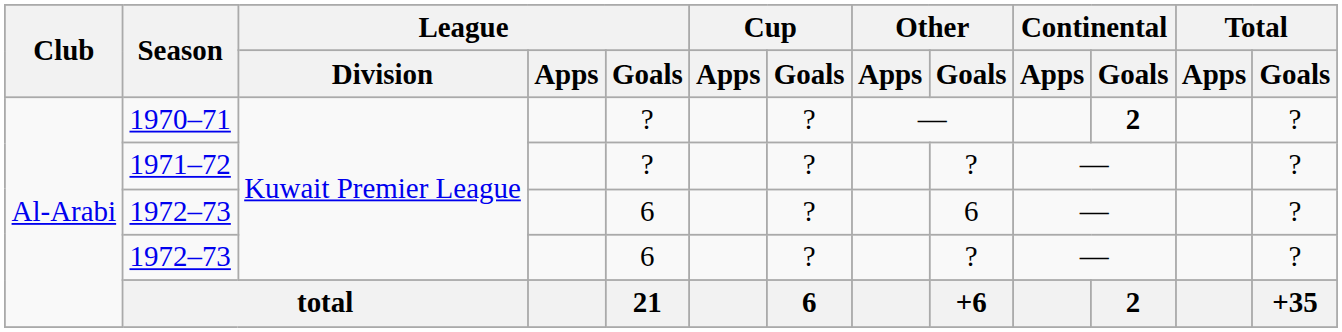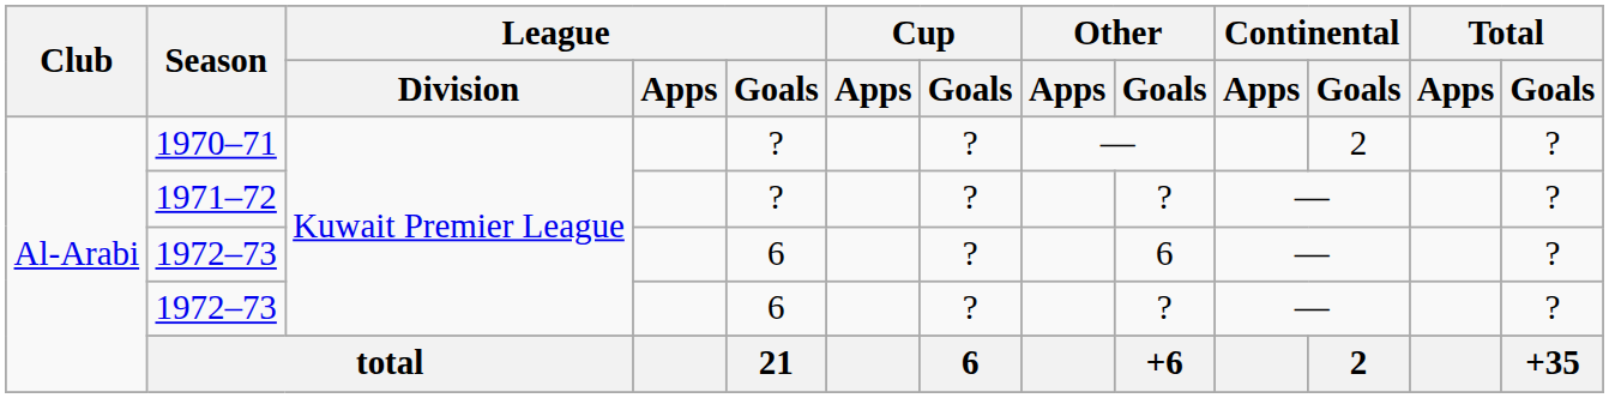 <table class="wikitable" style="text-align:center">
 <tr>
 <th rowspan="2">Club</th>
 <th rowspan="2">Season</th>
 <th colspan="3">League</th>
 <th colspan="2">Cup</th>
 <th colspan="2">Other</th>
 <th colspan="2">Continental</th>
 <th colspan="2">Total</th>
 </tr>
 <tr>
 <th>Division</th>
 <th>Apps</th>
 <th>Goals</th>
 <th>Apps</th>
 <th>Goals</th>
 <th>Apps</th>
 <th>Goals</th>
 <th>Apps</th>
 <th>Goals</th>
 <th>Apps</th>
 <th>Goals</th>
 </tr>
 <tr align=center>
 <td rowspan="5" align=center valign=center><a href='#'>Al-Arabi</a></td>
 <td><a href='#'>1970–71</a></td>
 <td rowspan="4"><a href='#'>Kuwait Premier League</a></td>
 <td></td>
 <td>?</td>
 <td></td>
 <td>?</td>
 <td colspan="2">—</td>
 <td></td>
-<td><strong>2</strong></td>
+<td>2</td>
 <td></td>
 <td>?</td>
 </tr>
 <tr>
 <td><a href='#'>1971–72</a></td>
 <td></td>
 <td>?</td>
 <td></td>
 <td>?</td>
 <td></td>
 <td>?</td>
 <td colspan="2">—</td>
 <td></td>
 <td>?</td>
 </tr>
 <tr>
 <td><a href='#'>1972–73</a></td>
 <td></td>
 <td>6</td>
 <td></td>
 <td>?</td>
 <td></td>
 <td>6</td>
 <td colspan="2">—</td>
 <td></td>
 <td>?</td>
 </tr>
 <tr>
 <td><a href='#'>1972–73</a></td>
 <td></td>
 <td>6</td>
 <td></td>
 <td>?</td>
 <td></td>
 <td>?</td>
 <td colspan="2">—</td>
 <td></td>
 <td>?</td>
 </tr>
 <tr align=center>
 <th colspan="2">total</th>
 <th></th>
 <th>21</th>
 <th></th>
 <th>6</th>
 <th></th>
 <th>+6</th>
 <th></th>
 <th>2</th>
 <th></th>
 <th>+35</th>
 </tr>
 </table>
